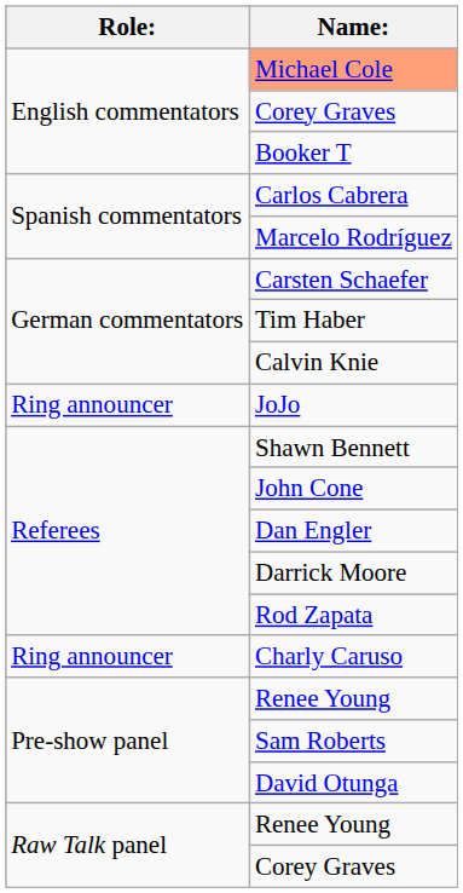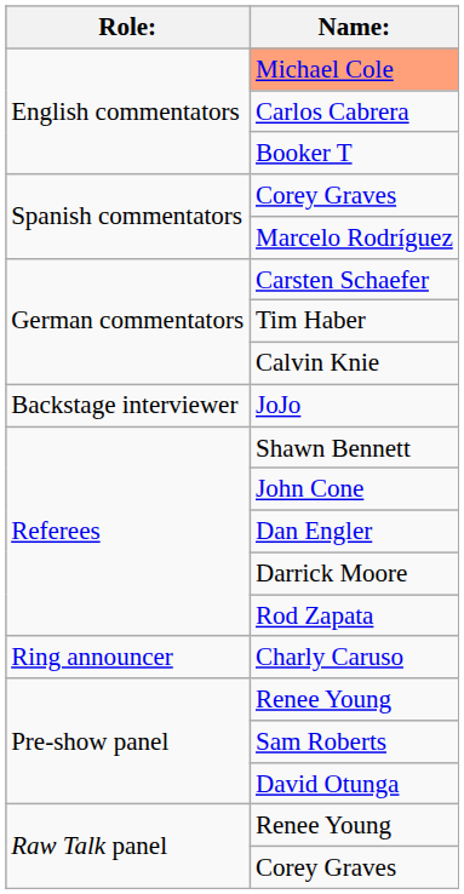 <table class=wikitable style="font-size:90%; margin: 0.5em 0 0.5em 1em; float: right; clear: right;">
 <tr>
 <th>Role:</th>
 <th>Name:</th>
 </tr>
 <tr>
 <td rowspan=3>English commentators</td>
 <td style="background: lightsalmon;"><a href='#'>Michael Cole</a></td>
 </tr>
 <tr>
-<td><a href='#'>Corey Graves</a></td>
+<td><a href='#'>Carlos Cabrera</a></td>
 </tr>
 <tr>
 <td><a href='#'>Booker T</a></td>
 </tr>
 <tr>
 <td rowspan=2>Spanish commentators</td>
-<td><a href='#'>Carlos Cabrera</a></td>
+<td><a href='#'>Corey Graves</a></td>
 </tr>
 <tr>
 <td><a href='#'>Marcelo Rodríguez</a></td>
 </tr>
 <tr>
 <td rowspan=3>German commentators</td>
 <td><a href='#'>Carsten Schaefer</a></td>
 </tr>
 <tr>
 <td>Tim Haber</td>
 </tr>
 <tr>
 <td>Calvin Knie</td>
 </tr>
 <tr>
-<td rowspan=1><a href='#'>Ring announcer</a></td>
+<td rowspan=1>Backstage interviewer</td>
 <td><a href='#'>JoJo</a></td>
 </tr>
 <tr>
 <td rowspan=5><a href='#'>Referees</a></td>
 <td>Shawn Bennett</td>
 </tr>
 <tr>
 <td><a href='#'>John Cone</a></td>
 </tr>
 <tr>
 <td><a href='#'>Dan Engler</a></td>
 </tr>
 <tr>
 <td>Darrick Moore</td>
 </tr>
 <tr>
 <td><a href='#'>Rod Zapata</a></td>
 </tr>
 <tr>
 <td rowspan=1><a href='#'>Ring announcer</a></td>
 <td><a href='#'>Charly Caruso</a></td>
 </tr>
 <tr>
 <td rowspan=3>Pre-show panel</td>
 <td><a href='#'>Renee Young</a></td>
 </tr>
 <tr>
 <td><a href='#'>Sam Roberts</a></td>
 </tr>
 <tr>
 <td><a href='#'>David Otunga</a></td>
 </tr>
 <tr>
 <td rowspan=2><em>Raw Talk</em> panel</td>
 <td>Renee Young</td>
 </tr>
 <tr>
 <td>Corey Graves</td>
 </tr>
 </table>
